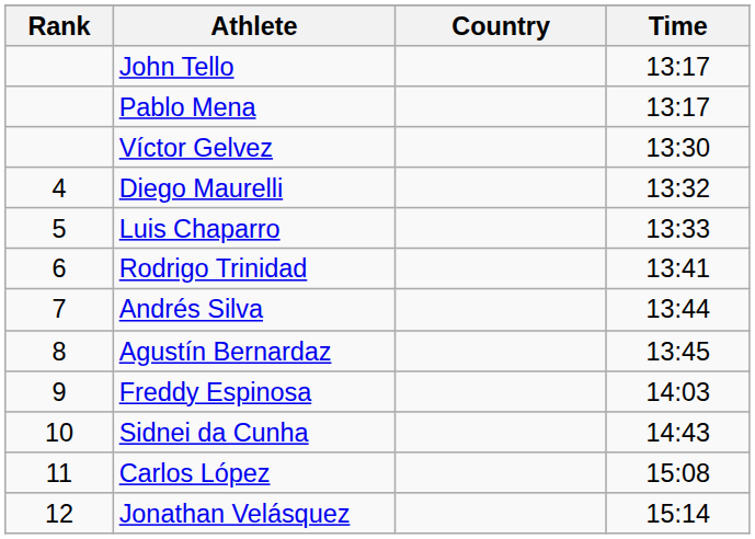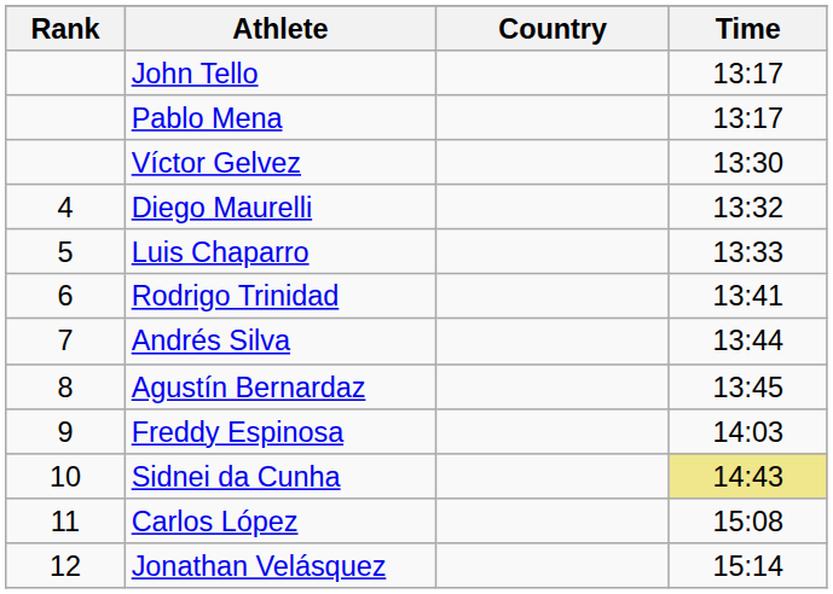 <table class="wikitable sortable" style=" text-align:center; font-size:95%;" width="50%">
 <tr>
 </tr>
 <tr>
 <th width=5%>Rank</th>
 <th width=20%>Athlete</th>
 <th width=15%>Country</th>
 <th width=10%>Time</th>
 </tr>
 <tr>
 <td align=center></td>
 <td align=left><a href='#'>John Tello</a></td>
 <td align=left></td>
 <td>13:17</td>
 </tr>
 <tr>
 <td align=center></td>
 <td align=left><a href='#'>Pablo Mena</a></td>
 <td align=left></td>
 <td>13:17</td>
 </tr>
 <tr>
 <td align=center></td>
 <td align=left><a href='#'>Víctor Gelvez</a></td>
 <td align=left></td>
 <td>13:30</td>
 </tr>
 <tr>
 <td align=center>4</td>
 <td align=left><a href='#'>Diego Maurelli</a></td>
 <td align=left></td>
 <td>13:32</td>
 </tr>
 <tr>
 <td align=center>5</td>
 <td align=left><a href='#'>Luis Chaparro</a></td>
 <td align=left></td>
 <td>13:33</td>
 </tr>
 <tr>
 <td align=center>6</td>
 <td align=left><a href='#'>Rodrigo Trinidad</a></td>
 <td align=left></td>
 <td>13:41</td>
 </tr>
 <tr>
 <td align=center>7</td>
 <td align=left><a href='#'>Andrés Silva</a></td>
 <td align=left></td>
 <td>13:44</td>
 </tr>
 <tr>
 <td align=center>8</td>
 <td align=left><a href='#'>Agustín Bernardaz</a></td>
 <td align=left></td>
 <td>13:45</td>
 </tr>
 <tr>
 <td align=center>9</td>
 <td align=left><a href='#'>Freddy Espinosa</a></td>
 <td align=left></td>
 <td>14:03</td>
 </tr>
 <tr>
 <td align=center>10</td>
 <td align=left><a href='#'>Sidnei da Cunha</a></td>
 <td align=left></td>
-<td>14:43</td>
+<td style="background: khaki;">14:43</td>
 </tr>
 <tr>
 <td align=center>11</td>
 <td align=left><a href='#'>Carlos López</a></td>
 <td align=left></td>
 <td>15:08</td>
 </tr>
 <tr>
 <td align=center>12</td>
 <td align=left><a href='#'>Jonathan Velásquez</a></td>
 <td align=left></td>
 <td>15:14</td>
 </tr>
 </table>
